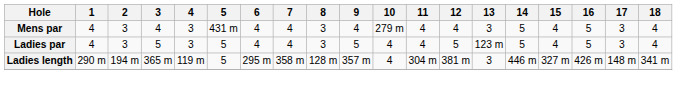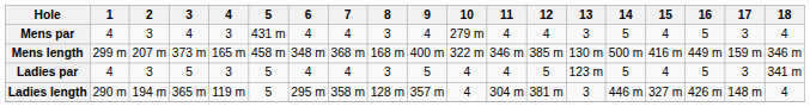 <table class="wikitable" style="text-align: center">
 <tr>
 <th scope="col">Hole</th>
 <th scope="col">1</th>
 <th scope="col">2</th>
 <th scope="col">3</th>
 <th scope="col">4</th>
 <th scope="col">5</th>
 <th scope="col">6</th>
 <th scope="col">7</th>
 <th scope="col">8</th>
 <th scope="col">9</th>
 <th scope="col">10</th>
 <th scope="col">11</th>
 <th scope="col">12</th>
 <th scope="col">13</th>
 <th scope="col">14</th>
 <th scope="col">15</th>
 <th scope="col">16</th>
 <th scope="col">17</th>
 <th scope="col">18</th>
 </tr>
 <tr>
 <th scope="row">Mens par</th>
 <td>4</td>
 <td>3</td>
 <td>4</td>
 <td>3</td>
 <td>431 m</td>
 <td>4</td>
 <td>4</td>
 <td>3</td>
 <td>4</td>
 <td>279 m</td>
 <td>4</td>
 <td>4</td>
 <td>3</td>
 <td>5</td>
 <td>4</td>
 <td>5</td>
 <td>3</td>
 <td>4</td>
 </tr>
 <tr>
+<th scope="row">Mens length</th>
+<td>299 m</td>
+<td>207 m</td>
+<td>373 m</td>
+<td>165 m</td>
+<td>458 m</td>
+<td>348 m</td>
+<td>368 m</td>
+<td>168 m</td>
+<td>400 m</td>
+<td>322 m</td>
+<td>346 m</td>
+<td>385 m</td>
+<td>130 m</td>
+<td>500 m</td>
+<td>416 m</td>
+<td>449 m</td>
+<td>159 m</td>
+<td>346 m</td>
+</tr>
+<tr>
 <th scope="row">Ladies par</th>
 <td>4</td>
 <td>3</td>
 <td>5</td>
 <td>3</td>
 <td>5</td>
 <td>4</td>
 <td>4</td>
 <td>3</td>
 <td>5</td>
 <td>4</td>
 <td>4</td>
 <td>5</td>
 <td>123 m</td>
 <td>5</td>
 <td>4</td>
 <td>5</td>
 <td>3</td>
-<td>4</td>
+<td>341 m</td>
 </tr>
 <tr>
 <th scope="row">Ladies length</th>
 <td>290 m</td>
 <td>194 m</td>
 <td>365 m</td>
 <td>119 m</td>
 <td>5</td>
 <td>295 m</td>
 <td>358 m</td>
 <td>128 m</td>
 <td>357 m</td>
 <td>4</td>
 <td>304 m</td>
 <td>381 m</td>
 <td>3</td>
 <td>446 m</td>
 <td>327 m</td>
 <td>426 m</td>
 <td>148 m</td>
-<td>341 m</td>
+<td>4</td>
 </tr>
 <tr>
 </tr>
 </table>
